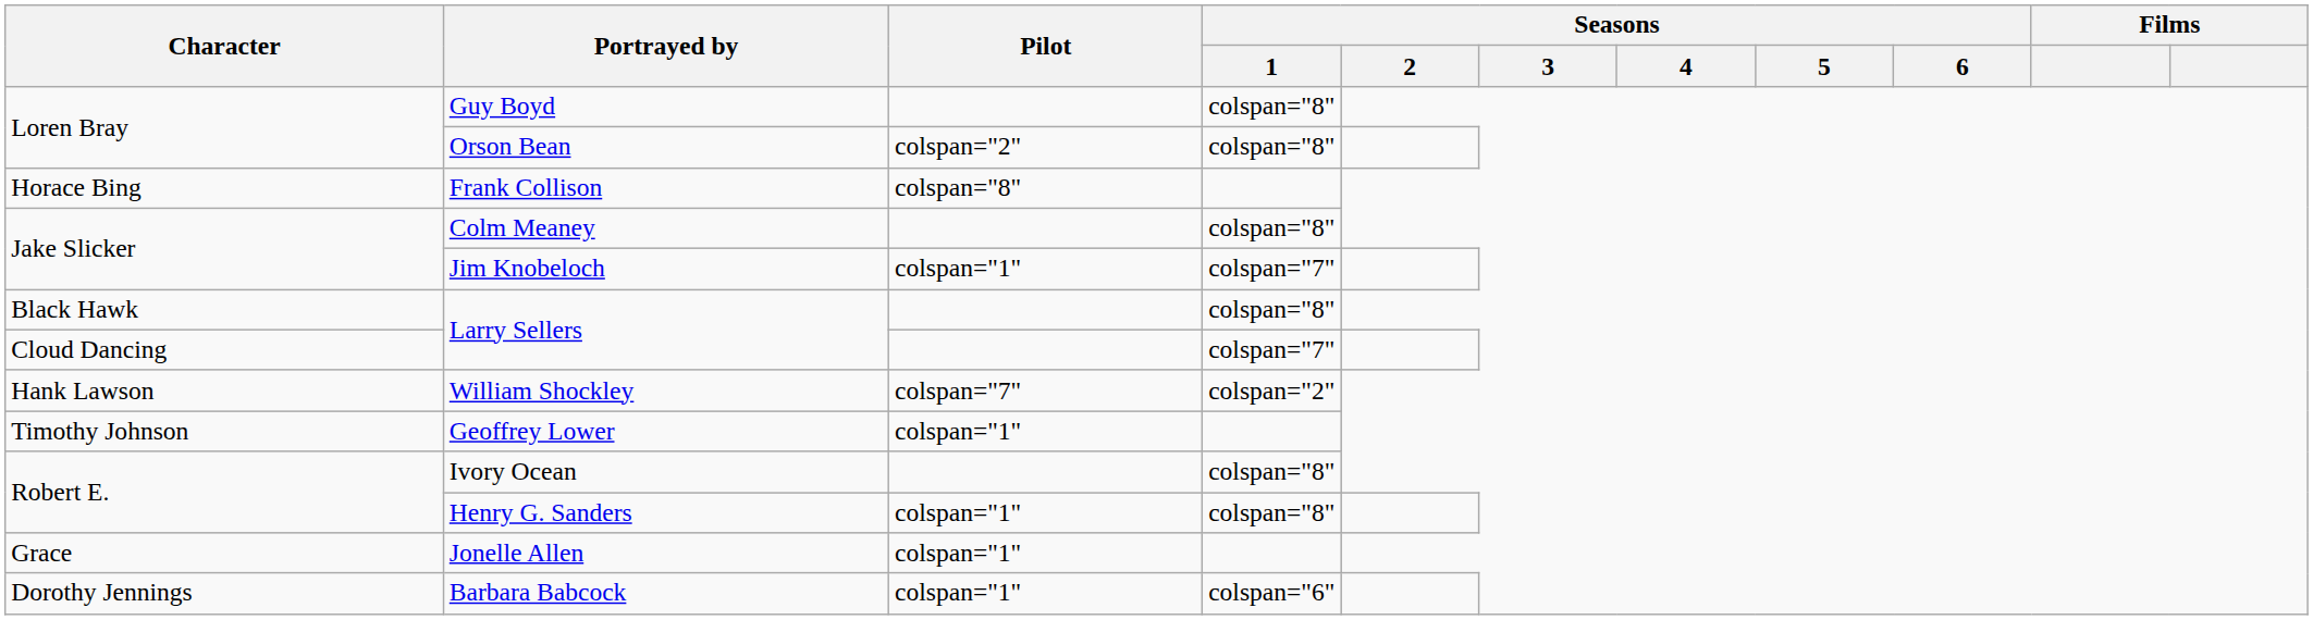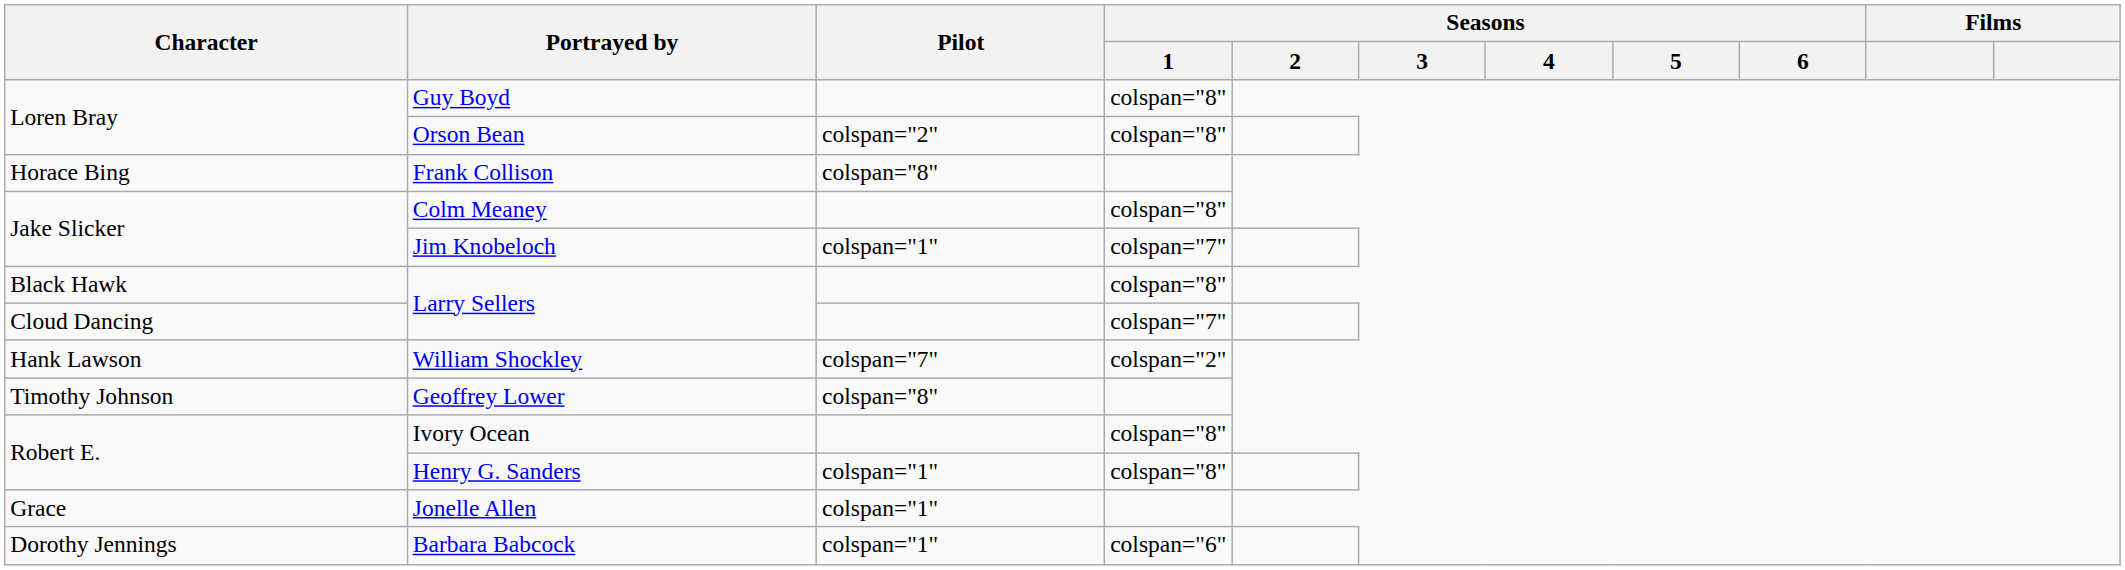 <table class="wikitable">
 <tr>
 <th rowspan="2">Character</th>
 <th rowspan="2">Portrayed by</th>
 <th rowspan="2">Pilot</th>
 <th colspan="6">Seasons</th>
 <th colspan="5">Films</th>
 </tr>
 <tr>
 <th style="width:6%;">1</th>
 <th style="width:6%;">2</th>
 <th style="width:6%;">3</th>
 <th style="width:6%;">4</th>
 <th style="width:6%;">5</th>
 <th style="width:6%;">6</th>
 <th style="width:6%;"></th>
 <th style="width:6%;"></th>
 </tr>
 <tr>
 <td rowspan="2">Loren Bray</td>
 <td><a href='#'>Guy Boyd</a></td>
 <td></td>
 <td>colspan="8" </td>
 </tr>
 <tr>
 <td><a href='#'>Orson Bean</a></td>
 <td>colspan="2" </td>
 <td>colspan="8" </td>
 <td></td>
 </tr>
 <tr>
 <td>Horace Bing</td>
 <td><a href='#'>Frank Collison</a></td>
 <td>colspan="8" </td>
 <td></td>
 </tr>
 <tr>
 <td rowspan="2">Jake Slicker</td>
 <td><a href='#'>Colm Meaney</a></td>
 <td></td>
 <td>colspan="8" </td>
 </tr>
 <tr>
 <td><a href='#'>Jim Knobeloch</a></td>
 <td>colspan="1" </td>
 <td>colspan="7" </td>
 <td></td>
 </tr>
 <tr>
 <td>Black Hawk</td>
 <td rowspan="2"><a href='#'>Larry Sellers</a></td>
 <td></td>
 <td>colspan="8" </td>
 </tr>
 <tr>
 <td>Cloud Dancing</td>
 <td></td>
 <td>colspan="7" </td>
 <td></td>
 </tr>
 <tr>
 <td>Hank Lawson</td>
 <td><a href='#'>William Shockley</a></td>
 <td>colspan="7" </td>
 <td>colspan="2" </td>
 </tr>
 <tr>
 <td> Timothy Johnson</td>
 <td><a href='#'>Geoffrey Lower</a></td>
-<td>colspan="1" </td>
+<td>colspan="8" </td>
 <td></td>
 </tr>
 <tr>
 <td rowspan="2">Robert E.</td>
 <td>Ivory Ocean</td>
 <td></td>
 <td>colspan="8" </td>
 </tr>
 <tr>
 <td><a href='#'>Henry G. Sanders</a></td>
 <td>colspan="1" </td>
 <td>colspan="8" </td>
 <td></td>
 </tr>
 <tr>
 <td>Grace</td>
 <td><a href='#'>Jonelle Allen</a></td>
 <td>colspan="1" </td>
 <td></td>
 </tr>
 <tr>
 <td>Dorothy Jennings</td>
 <td><a href='#'>Barbara Babcock</a></td>
 <td>colspan="1" </td>
 <td>colspan="6" </td>
 <td></td>
 </tr>
 </table>
